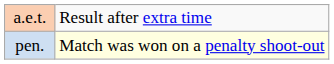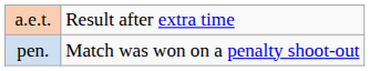 <table class="wikitable">
 <tr>
 <td width="40px" style="text-align:center; background:#FBCEB1">a.e.t.</td>
 <td>Result after <a href='#'>extra time</a></td>
 </tr>
 <tr>
 <td width="40px" style="text-align:center; background:#cedff2">pen.</td>
-<td style="background: lightyellow;">Match was won on a <a href='#'>penalty shoot-out</a></td>
+<td>Match was won on a <a href='#'>penalty shoot-out</a></td>
 </tr>
 </table>
